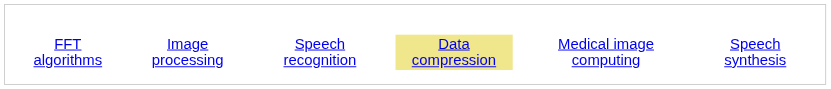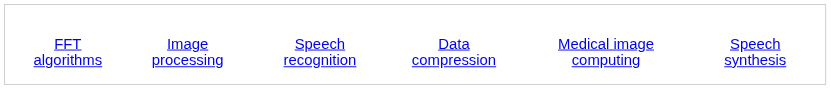 <table style="border:1px solid #ccc; text-align:center; margin:auto;" cellspacing="15">
 <tr>
 <td></td>
 <td></td>
 <td></td>
 <td></td>
 <td></td>
 <td></td>
 </tr>
 <tr>
 <td><a href='#'>FFT algorithms</a></td>
 <td><a href='#'>Image processing</a></td>
 <td><a href='#'>Speech recognition</a></td>
-<td style="background: khaki;"><a href='#'>Data compression</a></td>
+<td><a href='#'>Data compression</a></td>
 <td><a href='#'>Medical image computing</a></td>
 <td><a href='#'>Speech synthesis</a></td>
 </tr>
 </table>
